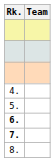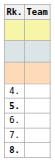 <table class="wikitable" style="border:1px solid #AAAAAA;font-size:90%">
 <tr bgcolor="#E4E4E4">
 <th style="border-bottom:1px solid #AAAAAA">Rk.</th>
 <th style="border-bottom:1px solid #AAAAAA">Team</th>
 </tr>
 <tr bgcolor="#F7F6A8">
 <td align="center" style="height:23px"></td>
 <td><strong></strong></td>
 </tr>
 <tr bgcolor="#DCE5E5">
 <td align="center" style="height:23px"></td>
 <td></td>
 </tr>
 <tr bgcolor="#FFDAB9">
 <td align="center" style="height:23px"></td>
 <td></td>
 </tr>
 <tr style="background:#ffffff;">
 <td align="center">4.</td>
 <td></td>
 </tr>
 <tr style="background:#ffffff;">
-<td align="center">5.</td>
+<td align="center"><strong>5.</strong></td>
 <td></td>
 </tr>
 <tr style="background:#ffffff;">
-<td align="center"><strong>6.</strong></td>
+<td align="center">6.</td>
 <td></td>
 </tr>
 <tr style="background:#ffffff;">
-<td align="center"><strong>7.</strong></td>
+<td align="center">7.</td>
 <td></td>
 </tr>
 <tr style="background:#ffffff;">
-<td align="center">8.</td>
+<td align="center"><strong>8.</strong></td>
 <td></td>
 </tr>
 </table>
